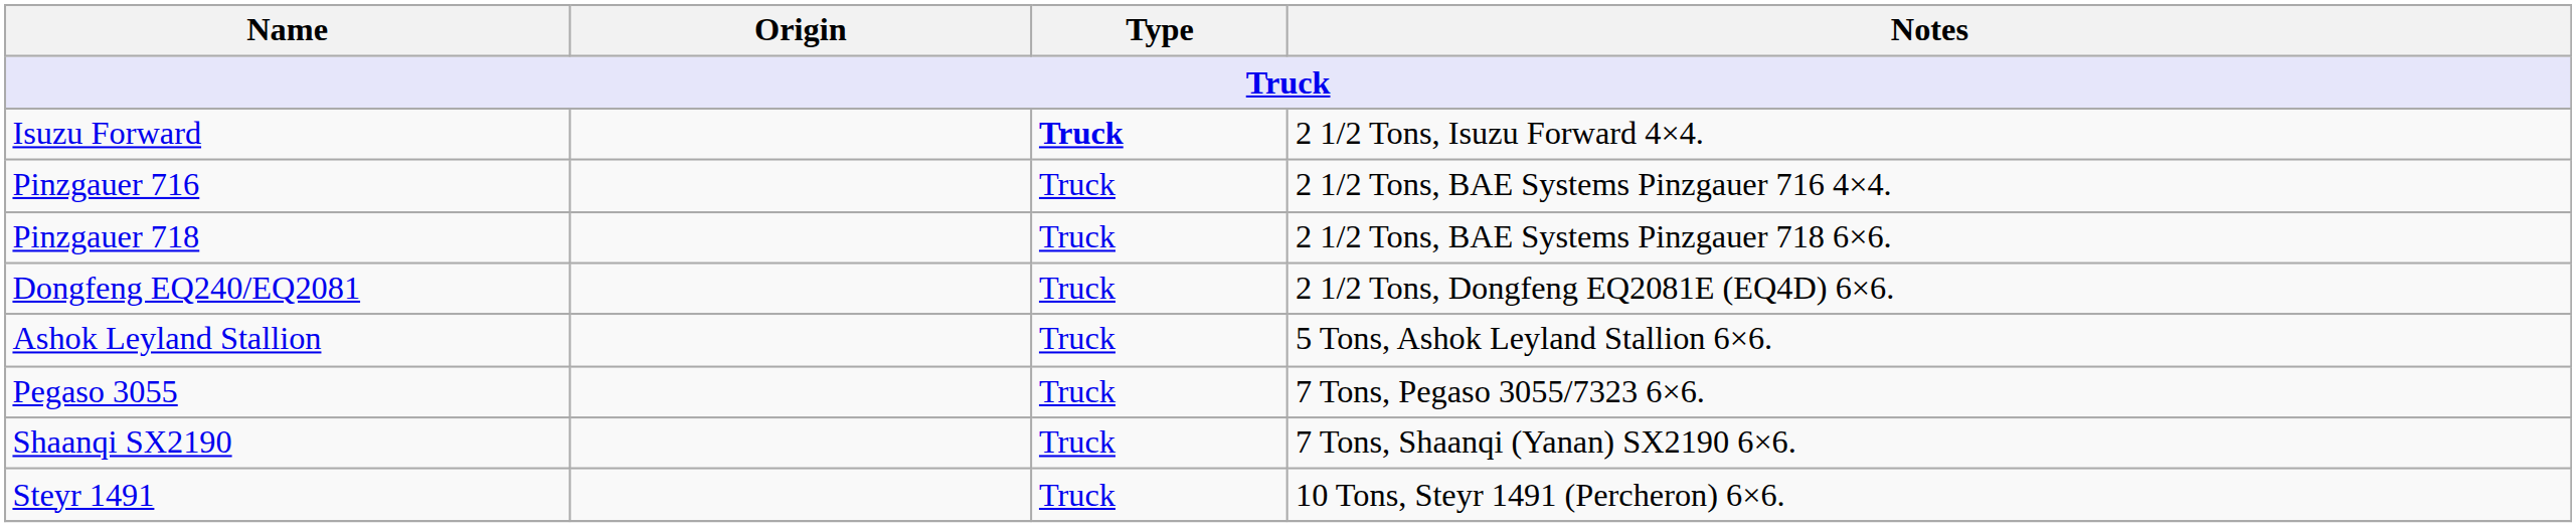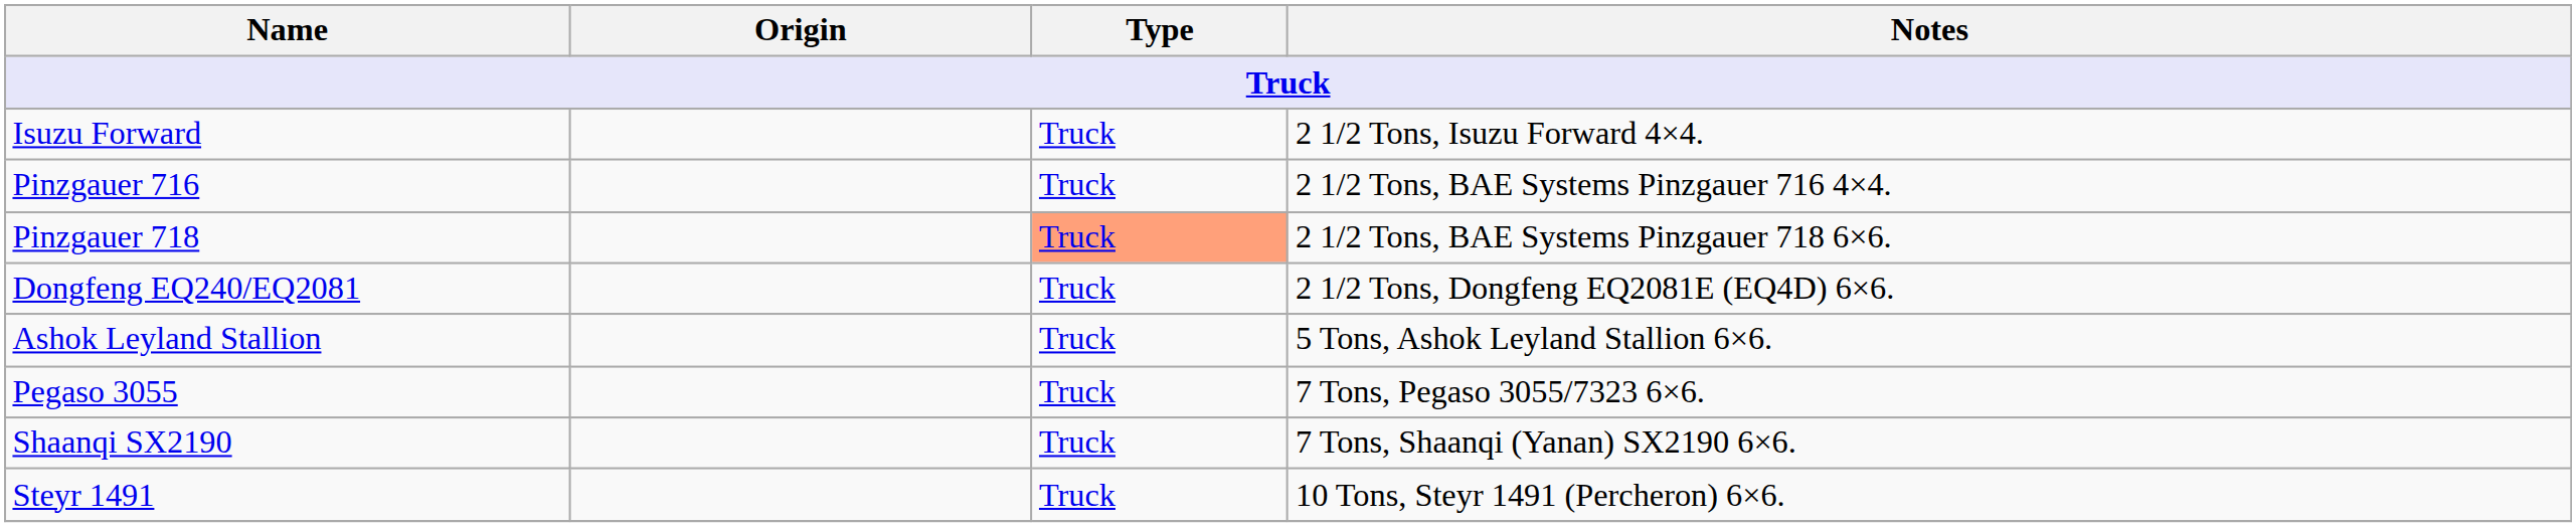 <table class="wikitable";" width="100%">
 <tr>
 <th style="text-align:center;"width="22%">Name</th>
 <th style="text-align: center;"width="18%">Origin</th>
 <th style="text-align:l center;"width="10%">Type</th>
 <th style="text-align: center;">Notes</th>
 </tr>
 <tr>
 <th style="align: centre; background: lavender;" colspan="7"><strong><a href='#'>Truck</a></strong></th>
 </tr>
 <tr>
 <td><a href='#'>Isuzu Forward</a></td>
 <td><br></td>
-<td><strong><a href='#'>Truck</a></strong></td>
+<td><a href='#'>Truck</a></td>
 <td>2 1/2 Tons, Isuzu Forward 4×4.</td>
 </tr>
 <tr>
 <td><a href='#'>Pinzgauer 716</a></td>
 <td></td>
 <td><a href='#'>Truck</a></td>
 <td>2 1/2 Tons, BAE Systems Pinzgauer 716 4×4.</td>
 </tr>
 <tr>
 <td><a href='#'>Pinzgauer 718</a></td>
 <td></td>
-<td><a href='#'>Truck</a></td>
+<td style="background: lightsalmon;"><a href='#'>Truck</a></td>
 <td>2 1/2 Tons, BAE Systems Pinzgauer 718 6×6.</td>
 </tr>
 <tr>
 <td><a href='#'>Dongfeng EQ240/EQ2081</a></td>
 <td></td>
 <td><a href='#'>Truck</a></td>
 <td>2 1/2 Tons, Dongfeng EQ2081E (EQ4D) 6×6.</td>
 </tr>
 <tr>
 <td><a href='#'>Ashok Leyland Stallion</a></td>
 <td></td>
 <td><a href='#'>Truck</a></td>
 <td>5 Tons, Ashok Leyland Stallion 6×6.</td>
 </tr>
 <tr>
 <td><a href='#'>Pegaso 3055</a></td>
 <td></td>
 <td><a href='#'>Truck</a></td>
 <td>7 Tons, Pegaso 3055/7323 6×6.</td>
 </tr>
 <tr>
 <td><a href='#'>Shaanqi SX2190</a></td>
 <td></td>
 <td><a href='#'>Truck</a></td>
 <td>7 Tons, Shaanqi (Yanan) SX2190 6×6.</td>
 </tr>
 <tr>
 <td><a href='#'>Steyr 1491</a></td>
 <td></td>
 <td><a href='#'>Truck</a></td>
 <td>10 Tons, Steyr 1491 (Percheron) 6×6.</td>
 </tr>
 <tr>
 </tr>
 </table>
